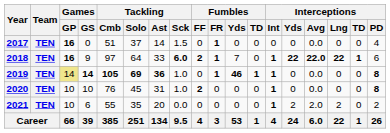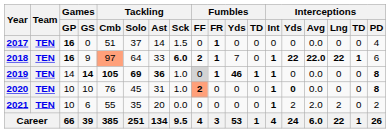 <table class= "wikitable" style="text-align:center;">
 <tr>
 <th rowspan="2">Year</th>
 <th rowspan="2">Team</th>
 <th colspan="2">Games</th>
 <th colspan="4">Tackling</th>
 <th colspan="4">Fumbles</th>
 <th colspan="6">Interceptions</th>
 </tr>
 <tr>
 <th>GP</th>
 <th>GS</th>
 <th>Cmb</th>
 <th>Solo</th>
 <th>Ast</th>
 <th>Sck</th>
 <th>FF</th>
 <th>FR</th>
 <th>Yds</th>
 <th>TD</th>
 <th>Int</th>
 <th>Yds</th>
 <th>Avg</th>
 <th>Lng</th>
 <th>TD</th>
 <th>PD</th>
 </tr>
 <tr>
 <th><a href='#'>2017</a></th>
 <th><a href='#'>TEN</a></th>
 <td><strong>16</strong></td>
 <td>0</td>
 <td>51</td>
 <td>37</td>
 <td>14</td>
 <td>1.5</td>
 <td>0</td>
 <td><strong>1</strong></td>
 <td>0</td>
 <td>0</td>
 <td>0</td>
 <td>0</td>
 <td>0.0</td>
 <td>0</td>
 <td>0</td>
 <td>4</td>
 </tr>
 <tr>
 <th><a href='#'>2018</a></th>
 <th><a href='#'>TEN</a></th>
 <td><strong>16</strong></td>
 <td>9</td>
-<td>97</td>
+<td style="background: lightsalmon;">97</td>
 <td>64</td>
 <td>33</td>
 <td><strong>6.0</strong></td>
 <td><strong>2</strong></td>
 <td><strong>1</strong></td>
 <td>7</td>
 <td>0</td>
 <td><strong>1</strong></td>
 <td><strong>22</strong></td>
 <td><strong>22.0</strong></td>
 <td><strong>22</strong></td>
 <td><strong>1</strong></td>
 <td>6</td>
 </tr>
 <tr>
 <th><a href='#'>2019</a></th>
 <th><a href='#'>TEN</a></th>
-<td style="background: khaki;">14</td>
+<td>14</td>
 <td><strong>14</strong></td>
 <td><strong>105</strong></td>
 <td><strong>69</strong></td>
 <td><strong>36</strong></td>
 <td>1.0</td>
-<td>0</td>
+<td style="background: lightgrey;">0</td>
 <td><strong>1</strong></td>
 <td><strong>46</strong></td>
 <td><strong>1</strong></td>
 <td><strong>1</strong></td>
 <td>0</td>
 <td>0.0</td>
 <td>0</td>
 <td>0</td>
 <td><strong>8</strong></td>
 </tr>
 <tr>
 <th><a href='#'>2020</a></th>
 <th><a href='#'>TEN</a></th>
 <td>10</td>
 <td>10</td>
 <td>76</td>
 <td>45</td>
 <td>31</td>
 <td>1.0</td>
-<td><strong>2</strong></td>
+<td style="background: lightsalmon;"><strong>2</strong></td>
 <td>0</td>
 <td>0</td>
 <td>0</td>
 <td><strong>1</strong></td>
-<td>0</td>
+<td><strong>0</strong></td>
 <td>0.0</td>
 <td>0</td>
 <td>0</td>
 <td><strong>8</strong></td>
 </tr>
 <tr>
 <th><a href='#'>2021</a></th>
 <th><a href='#'>TEN</a></th>
 <td>10</td>
 <td>6</td>
 <td>55</td>
 <td>35</td>
 <td>20</td>
 <td>0.0</td>
 <td>0</td>
 <td>0</td>
 <td>0</td>
 <td>0</td>
 <td><strong>1</strong></td>
 <td>2</td>
 <td>2.0</td>
 <td>2</td>
 <td>0</td>
 <td>2</td>
 </tr>
 <tr>
 <th colspan="2">Career</th>
 <th>66</th>
 <th>39</th>
 <th>385</th>
 <th>251</th>
 <th>134</th>
 <th>9.5</th>
 <th>4</th>
 <th>3</th>
 <th>53</th>
 <th>1</th>
 <th>4</th>
 <th>24</th>
 <th>6.0</th>
 <th>22</th>
 <th>1</th>
 <th>26</th>
 </tr>
 </table>
